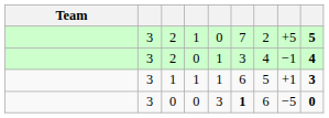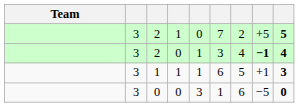 <table class="wikitable" style="text-align:center;">
 <tr>
 <th width=150>Team</th>
 <th width=20></th>
 <th width=20></th>
 <th width=20></th>
 <th width=20></th>
 <th width=20></th>
 <th width=20></th>
 <th width=20></th>
 <th width=20></th>
 </tr>
 <tr bgcolor="#ccffcc">
 <td align=left></td>
 <td>3</td>
 <td>2</td>
 <td>1</td>
 <td>0</td>
 <td>7</td>
 <td>2</td>
 <td>+5</td>
 <td><strong>5</strong></td>
 </tr>
 <tr bgcolor="#ccffcc">
 <td align=left></td>
 <td>3</td>
 <td>2</td>
 <td>0</td>
 <td>1</td>
 <td>3</td>
 <td>4</td>
-<td>−1</td>
+<td><strong>−1</strong></td>
 <td><strong>4</strong></td>
 </tr>
 <tr>
 <td align=left></td>
 <td>3</td>
 <td>1</td>
 <td>1</td>
 <td>1</td>
 <td>6</td>
 <td>5</td>
 <td>+1</td>
 <td><strong>3</strong></td>
 </tr>
 <tr>
 <td align=left></td>
 <td>3</td>
 <td>0</td>
 <td>0</td>
 <td>3</td>
-<td><strong>1</strong></td>
+<td>1</td>
 <td>6</td>
 <td>−5</td>
 <td><strong>0</strong></td>
 </tr>
 </table>
